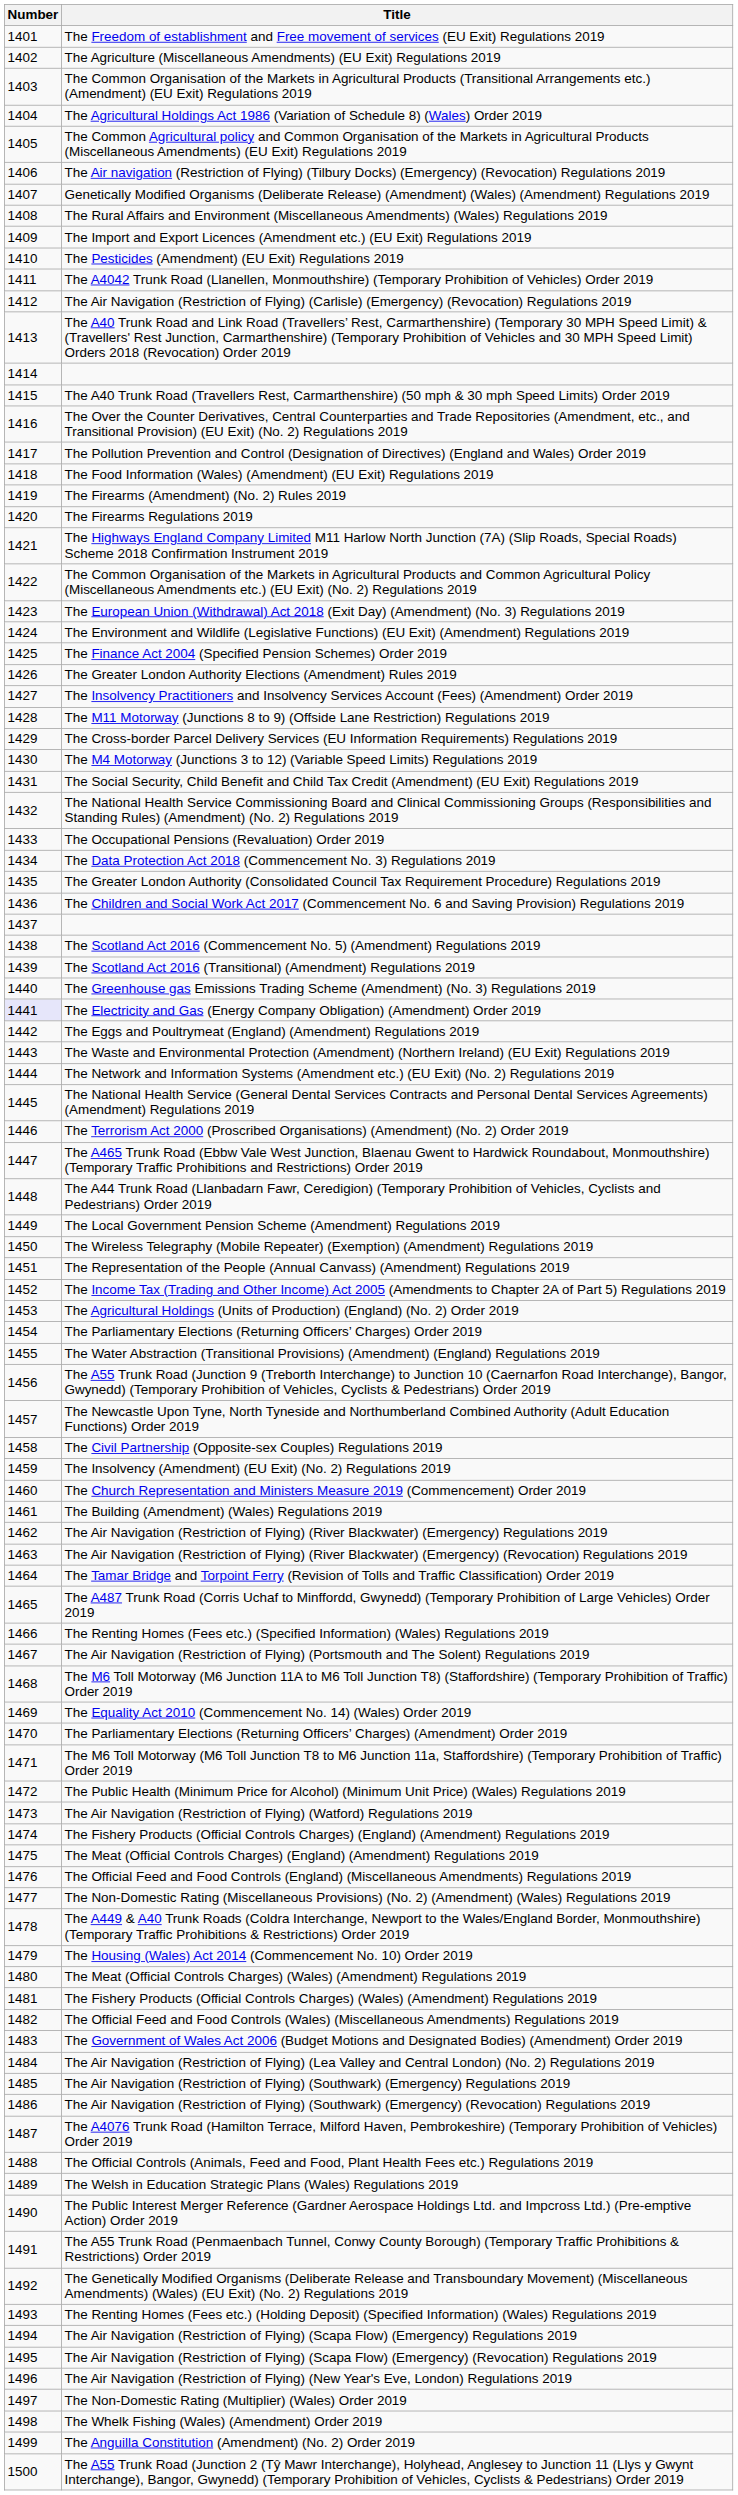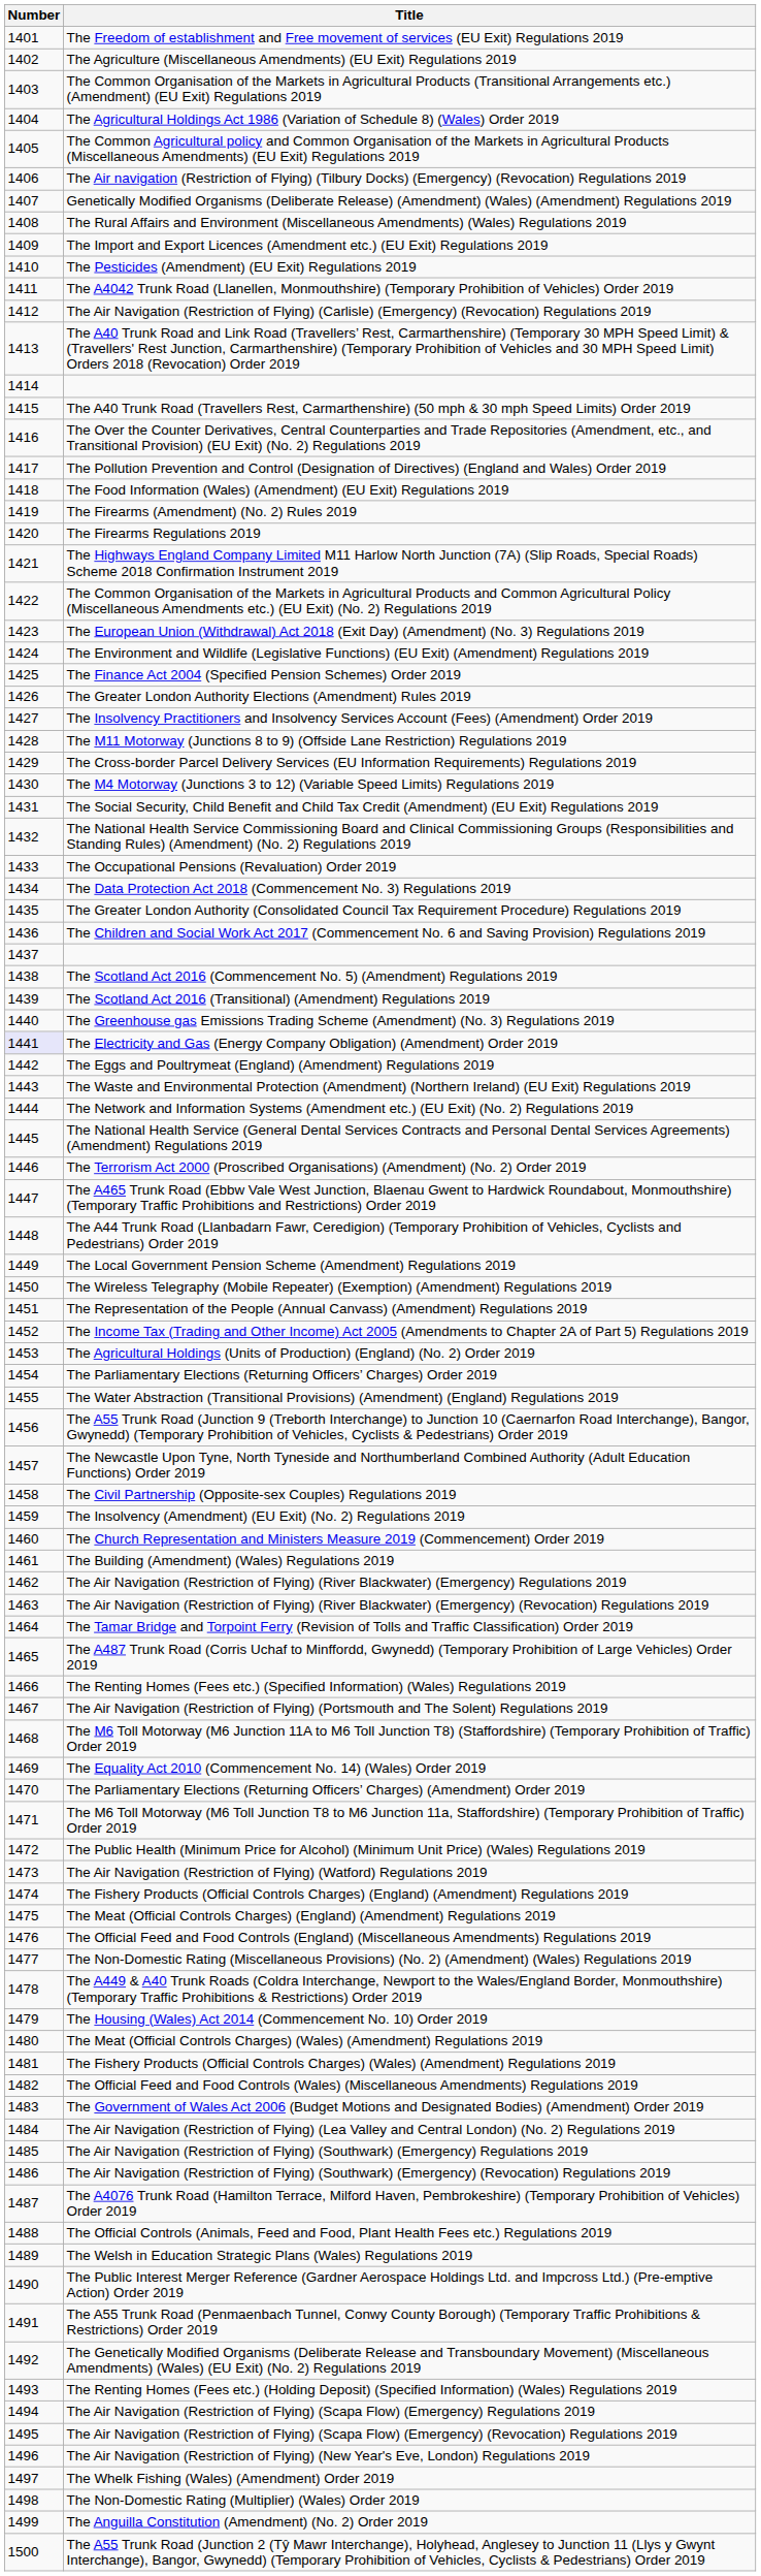 <table class="wikitable collapsible">
 <tr>
 <th>Number</th>
 <th>Title</th>
 </tr>
 <tr>
 <td>1401</td>
 <td>The <a href='#'>Freedom of establishment</a> and <a href='#'>Free movement of services</a> (EU Exit) Regulations 2019</td>
 </tr>
 <tr>
 <td>1402</td>
 <td>The Agriculture (Miscellaneous Amendments) (EU Exit) Regulations 2019</td>
 </tr>
 <tr>
 <td>1403</td>
 <td>The Common Organisation of the Markets in Agricultural Products (Transitional Arrangements etc.) (Amendment) (EU Exit) Regulations 2019</td>
 </tr>
 <tr>
 <td>1404</td>
 <td>The <a href='#'>Agricultural Holdings Act 1986</a> (Variation of Schedule 8) (<a href='#'>Wales</a>) Order 2019</td>
 </tr>
 <tr>
 <td>1405</td>
 <td>The Common <a href='#'>Agricultural policy</a> and Common Organisation of the Markets in Agricultural Products (Miscellaneous Amendments) (EU Exit) Regulations 2019</td>
 </tr>
 <tr>
 <td>1406</td>
 <td>The <a href='#'>Air navigation</a> (Restriction of Flying) (Tilbury Docks) (Emergency) (Revocation) Regulations 2019</td>
 </tr>
 <tr>
 <td>1407</td>
 <td The >Genetically Modified Organisms (Deliberate Release) (Amendment) (Wales) (Amendment) Regulations 2019</td>
 </tr>
 <tr>
 <td>1408</td>
 <td>The Rural Affairs and Environment (Miscellaneous Amendments) (Wales) Regulations 2019</td>
 </tr>
 <tr>
 <td>1409</td>
 <td>The Import and Export Licences (Amendment etc.) (EU Exit) Regulations 2019</td>
 </tr>
 <tr>
 <td>1410</td>
 <td>The <a href='#'>Pesticides</a> (Amendment) (EU Exit) Regulations 2019</td>
 </tr>
 <tr>
 <td>1411</td>
 <td>The <a href='#'>A4042</a> Trunk Road (Llanellen, Monmouthshire) (Temporary Prohibition of Vehicles) Order 2019</td>
 </tr>
 <tr>
 <td>1412</td>
 <td>The Air Navigation (Restriction of Flying) (Carlisle) (Emergency) (Revocation) Regulations 2019</td>
 </tr>
 <tr>
 <td>1413</td>
 <td>The <a href='#'>A40</a> Trunk Road and Link Road (Travellers’ Rest, Carmarthenshire) (Temporary 30 MPH Speed Limit) & (Travellers' Rest Junction, Carmarthenshire) (Temporary Prohibition of Vehicles and 30 MPH Speed Limit) Orders 2018 (Revocation) Order 2019</td>
 </tr>
 <tr>
 <td>1414</td>
 <td></td>
 </tr>
 <tr>
 <td>1415</td>
 <td>The A40 Trunk Road (Travellers Rest, Carmarthenshire) (50 mph & 30 mph Speed Limits) Order 2019</td>
 </tr>
 <tr>
 <td>1416</td>
 <td>The Over the Counter Derivatives, Central Counterparties and Trade Repositories (Amendment, etc., and Transitional Provision) (EU Exit) (No. 2) Regulations 2019</td>
 </tr>
 <tr>
 <td>1417</td>
 <td>The Pollution Prevention and Control (Designation of Directives) (England and Wales) Order 2019</td>
 </tr>
 <tr>
 <td>1418</td>
 <td>The Food Information (Wales) (Amendment) (EU Exit) Regulations 2019</td>
 </tr>
 <tr>
 <td>1419</td>
 <td>The Firearms (Amendment) (No. 2) Rules 2019</td>
 </tr>
 <tr>
 <td>1420</td>
 <td>The Firearms Regulations 2019</td>
 </tr>
 <tr>
 <td>1421</td>
 <td>The <a href='#'>Highways England Company Limited</a> M11 Harlow North Junction (7A) (Slip Roads, Special Roads) Scheme 2018 Confirmation Instrument 2019</td>
 </tr>
 <tr>
 <td>1422</td>
 <td>The Common Organisation of the Markets in Agricultural Products and Common Agricultural Policy (Miscellaneous Amendments etc.) (EU Exit) (No. 2) Regulations 2019</td>
 </tr>
 <tr>
 <td>1423</td>
 <td>The <a href='#'>European Union (Withdrawal) Act 2018</a> (Exit Day) (Amendment) (No. 3) Regulations 2019</td>
 </tr>
 <tr>
 <td>1424</td>
 <td>The Environment and Wildlife (Legislative Functions) (EU Exit) (Amendment) Regulations 2019</td>
 </tr>
 <tr>
 <td>1425</td>
 <td>The <a href='#'>Finance Act 2004</a> (Specified Pension Schemes) Order 2019</td>
 </tr>
 <tr>
 <td>1426</td>
 <td>The Greater London Authority Elections (Amendment) Rules 2019</td>
 </tr>
 <tr>
 <td>1427</td>
 <td>The <a href='#'>Insolvency Practitioners</a> and Insolvency Services Account (Fees) (Amendment) Order 2019</td>
 </tr>
 <tr>
 <td>1428</td>
 <td>The <a href='#'>M11 Motorway</a> (Junctions 8 to 9) (Offside Lane Restriction) Regulations 2019</td>
 </tr>
 <tr>
 <td>1429</td>
 <td>The Cross-border Parcel Delivery Services (EU Information Requirements) Regulations 2019</td>
 </tr>
 <tr>
 <td>1430</td>
 <td>The <a href='#'>M4 Motorway</a> (Junctions 3 to 12) (Variable Speed Limits) Regulations 2019</td>
 </tr>
 <tr>
 <td>1431</td>
 <td>The Social Security, Child Benefit and Child Tax Credit (Amendment) (EU Exit) Regulations 2019</td>
 </tr>
 <tr>
 <td>1432</td>
 <td>The National Health Service Commissioning Board and Clinical Commissioning Groups (Responsibilities and Standing Rules) (Amendment) (No. 2) Regulations 2019</td>
 </tr>
 <tr>
 <td>1433</td>
 <td>The Occupational Pensions (Revaluation) Order 2019</td>
 </tr>
 <tr>
 <td>1434</td>
 <td>The <a href='#'>Data Protection Act 2018</a> (Commencement No. 3) Regulations 2019</td>
 </tr>
 <tr>
 <td>1435</td>
 <td>The Greater London Authority (Consolidated Council Tax Requirement Procedure) Regulations 2019</td>
 </tr>
 <tr>
 <td>1436</td>
 <td>The <a href='#'>Children and Social Work Act 2017</a> (Commencement No. 6 and Saving Provision) Regulations 2019</td>
 </tr>
 <tr>
 <td>1437</td>
 <td></td>
 </tr>
 <tr>
 <td>1438</td>
 <td>The <a href='#'>Scotland Act 2016</a> (Commencement No. 5) (Amendment) Regulations 2019</td>
 </tr>
 <tr>
 <td>1439</td>
 <td>The <a href='#'>Scotland Act 2016</a> (Transitional) (Amendment) Regulations 2019</td>
 </tr>
 <tr>
 <td>1440</td>
 <td>The <a href='#'>Greenhouse gas</a> Emissions Trading Scheme (Amendment) (No. 3) Regulations 2019</td>
 </tr>
 <tr>
 <td style="background: lavender;">1441</td>
 <td>The <a href='#'>Electricity and Gas</a> (Energy Company Obligation) (Amendment) Order 2019</td>
 </tr>
 <tr>
 <td>1442</td>
 <td>The Eggs and Poultrymeat (England) (Amendment) Regulations 2019</td>
 </tr>
 <tr>
 <td>1443</td>
 <td>The Waste and Environmental Protection (Amendment) (Northern Ireland) (EU Exit) Regulations 2019</td>
 </tr>
 <tr>
 <td>1444</td>
 <td>The Network and Information Systems (Amendment etc.) (EU Exit) (No. 2) Regulations 2019</td>
 </tr>
 <tr>
 <td>1445</td>
 <td>The National Health Service (General Dental Services Contracts and Personal Dental Services Agreements) (Amendment) Regulations 2019</td>
 </tr>
 <tr>
 <td>1446</td>
 <td>The <a href='#'>Terrorism Act 2000</a> (Proscribed Organisations) (Amendment) (No. 2) Order 2019</td>
 </tr>
 <tr>
 <td>1447</td>
 <td>The <a href='#'>A465</a> Trunk Road (Ebbw Vale West Junction, Blaenau Gwent to Hardwick Roundabout, Monmouthshire) (Temporary Traffic Prohibitions and Restrictions) Order 2019</td>
 </tr>
 <tr>
 <td>1448</td>
 <td>The A44 Trunk Road (Llanbadarn Fawr, Ceredigion) (Temporary Prohibition of Vehicles, Cyclists and Pedestrians) Order 2019</td>
 </tr>
 <tr>
 <td>1449</td>
 <td>The Local Government Pension Scheme (Amendment) Regulations 2019</td>
 </tr>
 <tr>
 <td>1450</td>
 <td>The Wireless Telegraphy (Mobile Repeater) (Exemption) (Amendment) Regulations 2019</td>
 </tr>
 <tr>
 <td>1451</td>
 <td>The Representation of the People (Annual Canvass) (Amendment) Regulations 2019</td>
 </tr>
 <tr>
 <td>1452</td>
 <td>The <a href='#'>Income Tax (Trading and Other Income) Act 2005</a> (Amendments to Chapter 2A of Part 5) Regulations 2019</td>
 </tr>
 <tr>
 <td>1453</td>
 <td>The <a href='#'>Agricultural Holdings</a> (Units of Production) (England) (No. 2) Order 2019</td>
 </tr>
 <tr>
 <td>1454</td>
 <td>The Parliamentary Elections (Returning Officers’ Charges) Order 2019</td>
 </tr>
 <tr>
 <td>1455</td>
 <td>The Water Abstraction (Transitional Provisions) (Amendment) (England) Regulations 2019</td>
 </tr>
 <tr>
 <td>1456</td>
 <td>The <a href='#'>A55</a> Trunk Road (Junction 9 (Treborth Interchange) to Junction 10 (Caernarfon Road Interchange), Bangor, Gwynedd) (Temporary Prohibition of Vehicles, Cyclists & Pedestrians) Order 2019</td>
 </tr>
 <tr>
 <td>1457</td>
 <td>The Newcastle Upon Tyne, North Tyneside and Northumberland Combined Authority (Adult Education Functions) Order 2019</td>
 </tr>
 <tr>
 <td>1458</td>
 <td>The <a href='#'>Civil Partnership</a> (Opposite-sex Couples) Regulations 2019</td>
 </tr>
 <tr>
 <td>1459</td>
 <td>The Insolvency (Amendment) (EU Exit) (No. 2) Regulations 2019</td>
 </tr>
 <tr>
 <td>1460</td>
 <td>The <a href='#'>Church Representation and Ministers Measure 2019</a> (Commencement) Order 2019</td>
 </tr>
 <tr>
 <td>1461</td>
 <td>The Building (Amendment) (Wales) Regulations 2019</td>
 </tr>
 <tr>
 <td>1462</td>
 <td>The Air Navigation (Restriction of Flying) (River Blackwater) (Emergency) Regulations 2019</td>
 </tr>
 <tr>
 <td>1463</td>
 <td>The Air Navigation (Restriction of Flying) (River Blackwater) (Emergency) (Revocation) Regulations 2019</td>
 </tr>
 <tr>
 <td>1464</td>
 <td>The <a href='#'>Tamar Bridge</a> and <a href='#'>Torpoint Ferry</a> (Revision of Tolls and Traffic Classification) Order 2019</td>
 </tr>
 <tr>
 <td>1465</td>
 <td>The <a href='#'>A487</a> Trunk Road (Corris Uchaf to Minffordd, Gwynedd) (Temporary Prohibition of Large Vehicles) Order 2019</td>
 </tr>
 <tr>
 <td>1466</td>
 <td>The Renting Homes (Fees etc.) (Specified Information) (Wales) Regulations 2019</td>
 </tr>
 <tr>
 <td>1467</td>
 <td>The Air Navigation (Restriction of Flying) (Portsmouth and The Solent) Regulations 2019</td>
 </tr>
 <tr>
 <td>1468</td>
 <td>The <a href='#'>M6</a> Toll Motorway (M6 Junction 11A to M6 Toll Junction T8) (Staffordshire) (Temporary Prohibition of Traffic) Order 2019</td>
 </tr>
 <tr>
 <td>1469</td>
 <td>The <a href='#'>Equality Act 2010</a> (Commencement No. 14) (Wales) Order 2019</td>
 </tr>
 <tr>
 <td>1470</td>
 <td>The Parliamentary Elections (Returning Officers’ Charges) (Amendment) Order 2019</td>
 </tr>
 <tr>
 <td>1471</td>
 <td>The M6 Toll Motorway (M6 Toll Junction T8 to M6 Junction 11a, Staffordshire) (Temporary Prohibition of Traffic) Order 2019</td>
 </tr>
 <tr>
 <td>1472</td>
 <td>The Public Health (Minimum Price for Alcohol) (Minimum Unit Price) (Wales) Regulations 2019</td>
 </tr>
 <tr>
 <td>1473</td>
 <td>The Air Navigation (Restriction of Flying) (Watford) Regulations 2019</td>
 </tr>
 <tr>
 <td>1474</td>
 <td>The Fishery Products (Official Controls Charges) (England) (Amendment) Regulations 2019</td>
 </tr>
 <tr>
 <td>1475</td>
 <td>The Meat (Official Controls Charges) (England) (Amendment) Regulations 2019</td>
 </tr>
 <tr>
 <td>1476</td>
 <td>The Official Feed and Food Controls (England) (Miscellaneous Amendments) Regulations 2019</td>
 </tr>
 <tr>
 <td>1477</td>
 <td>The Non-Domestic Rating (Miscellaneous Provisions) (No. 2) (Amendment) (Wales) Regulations 2019</td>
 </tr>
 <tr>
 <td>1478</td>
 <td>The <a href='#'>A449</a> & <a href='#'>A40</a> Trunk Roads (Coldra Interchange, Newport to the Wales/England Border, Monmouthshire) (Temporary Traffic Prohibitions & Restrictions) Order 2019</td>
 </tr>
 <tr>
 <td>1479</td>
 <td>The <a href='#'>Housing (Wales) Act 2014</a> (Commencement No. 10) Order 2019</td>
 </tr>
 <tr>
 <td>1480</td>
 <td>The Meat (Official Controls Charges) (Wales) (Amendment) Regulations 2019</td>
 </tr>
 <tr>
 <td>1481</td>
 <td>The Fishery Products (Official Controls Charges) (Wales) (Amendment) Regulations 2019</td>
 </tr>
 <tr>
 <td>1482</td>
 <td>The Official Feed and Food Controls (Wales) (Miscellaneous Amendments) Regulations 2019</td>
 </tr>
 <tr>
 <td>1483</td>
 <td>The <a href='#'>Government of Wales Act 2006</a> (Budget Motions and Designated Bodies) (Amendment) Order 2019</td>
 </tr>
 <tr>
 <td>1484</td>
 <td>The Air Navigation (Restriction of Flying) (Lea Valley and Central London) (No. 2) Regulations 2019</td>
 </tr>
 <tr>
 <td>1485</td>
 <td>The Air Navigation (Restriction of Flying) (Southwark) (Emergency) Regulations 2019</td>
 </tr>
 <tr>
 <td>1486</td>
 <td>The Air Navigation (Restriction of Flying) (Southwark) (Emergency) (Revocation) Regulations 2019</td>
 </tr>
 <tr>
 <td>1487</td>
 <td>The <a href='#'>A4076</a> Trunk Road (Hamilton Terrace, Milford Haven, Pembrokeshire) (Temporary Prohibition of Vehicles) Order 2019</td>
 </tr>
 <tr>
 <td>1488</td>
 <td>The Official Controls (Animals, Feed and Food, Plant Health Fees etc.) Regulations 2019</td>
 </tr>
 <tr>
 <td>1489</td>
 <td>The Welsh in Education Strategic Plans (Wales) Regulations 2019</td>
 </tr>
 <tr>
 <td>1490</td>
 <td>The Public Interest Merger Reference (Gardner Aerospace Holdings Ltd. and Impcross Ltd.) (Pre-emptive Action) Order 2019</td>
 </tr>
 <tr>
 <td>1491</td>
 <td>The A55 Trunk Road (Penmaenbach Tunnel, Conwy County Borough) (Temporary Traffic Prohibitions & Restrictions) Order 2019</td>
 </tr>
 <tr>
 <td>1492</td>
 <td>The Genetically Modified Organisms (Deliberate Release and Transboundary Movement) (Miscellaneous Amendments) (Wales) (EU Exit) (No. 2) Regulations 2019</td>
 </tr>
 <tr>
 <td>1493</td>
 <td>The Renting Homes (Fees etc.) (Holding Deposit) (Specified Information) (Wales) Regulations 2019</td>
 </tr>
 <tr>
 <td>1494</td>
 <td>The Air Navigation (Restriction of Flying) (Scapa Flow) (Emergency) Regulations 2019</td>
 </tr>
 <tr>
 <td>1495</td>
 <td>The Air Navigation (Restriction of Flying) (Scapa Flow) (Emergency) (Revocation) Regulations 2019</td>
 </tr>
 <tr>
 <td>1496</td>
 <td>The Air Navigation (Restriction of Flying) (New Year's Eve, London) Regulations 2019</td>
 </tr>
 <tr>
 <td>1497</td>
-<td>The Non-Domestic Rating (Multiplier) (Wales) Order 2019</td>
+<td>The Whelk Fishing (Wales) (Amendment) Order 2019</td>
 </tr>
 <tr>
 <td>1498</td>
-<td>The Whelk Fishing (Wales) (Amendment) Order 2019</td>
+<td>The Non-Domestic Rating (Multiplier) (Wales) Order 2019</td>
 </tr>
 <tr>
 <td>1499</td>
 <td>The <a href='#'>Anguilla Constitution</a> (Amendment) (No. 2) Order 2019</td>
 </tr>
 <tr>
 <td>1500</td>
 <td>The <a href='#'>A55</a> Trunk Road (Junction 2 (Tŷ Mawr Interchange), Holyhead, Anglesey to Junction 11 (Llys y Gwynt Interchange), Bangor, Gwynedd) (Temporary Prohibition of Vehicles, Cyclists & Pedestrians) Order 2019</td>
 </tr>
 </table>
